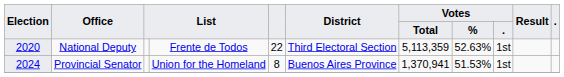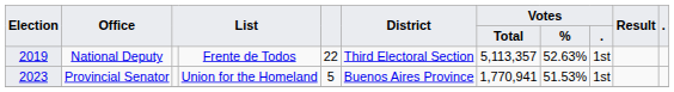 <table class="wikitable" style="font-size:90%; text-align:center;">
 <tr>
 <th style="background-color:#EAECF0;" rowspan=2>Election</th>
 <th style="background-color:#EAECF0;" rowspan=2>Office</th>
 <th style="background-color:#EAECF0;" colspan=2 rowspan=2>List</th>
 <th style="background-color:#EAECF0;" rowspan=2></th>
 <th style="background-color:#EAECF0;" rowspan=2>District</th>
 <th style="background-color:#EAECF0;" colspan=3>Votes</th>
 <th style="background-color:#EAECF0;" rowspan=2>Result</th>
 <th style="background-color:#EAECF0;" rowspan=2>.</th>
 </tr>
 <tr>
 <th style="background-color:#EAECF0;">Total</th>
 <th style="background-color:#EAECF0;">%</th>
 <th style="background-color:#EAECF0;">.</th>
 </tr>
 <tr>
-<td style="background-color:#EAECF0;"><a href='#'>2020</a></td>
+<td style="background-color:#EAECF0;"><a href='#'>2019</a></td>
 <td><a href='#'>National Deputy</a></td>
 <td style="background-color:"></td>
 <td><a href='#'>Frente de Todos</a></td>
 <td>22</td>
 <td><a href='#'>Third Electoral Section</a></td>
-<td>5,113,359</td>
+<td>5,113,357</td>
 <td>52.63%</td>
 <td>1st</td>
 <td></td>
 <td></td>
 </tr>
 <tr>
-<td style="background-color:#EAECF0;"><a href='#'>2024</a></td>
+<td style="background-color:#EAECF0;"><a href='#'>2023</a></td>
 <td><a href='#'>Provincial Senator</a></td>
 <td style="background-color:"></td>
 <td><a href='#'>Union for the Homeland</a></td>
-<td>8</td>
+<td>5</td>
 <td><a href='#'>Buenos Aires Province</a></td>
-<td>1,370,941</td>
+<td>1,770,941</td>
 <td>51.53%</td>
 <td>1st</td>
 <td></td>
 <td></td>
 </tr>
 <tr>
 </tr>
 </table>
